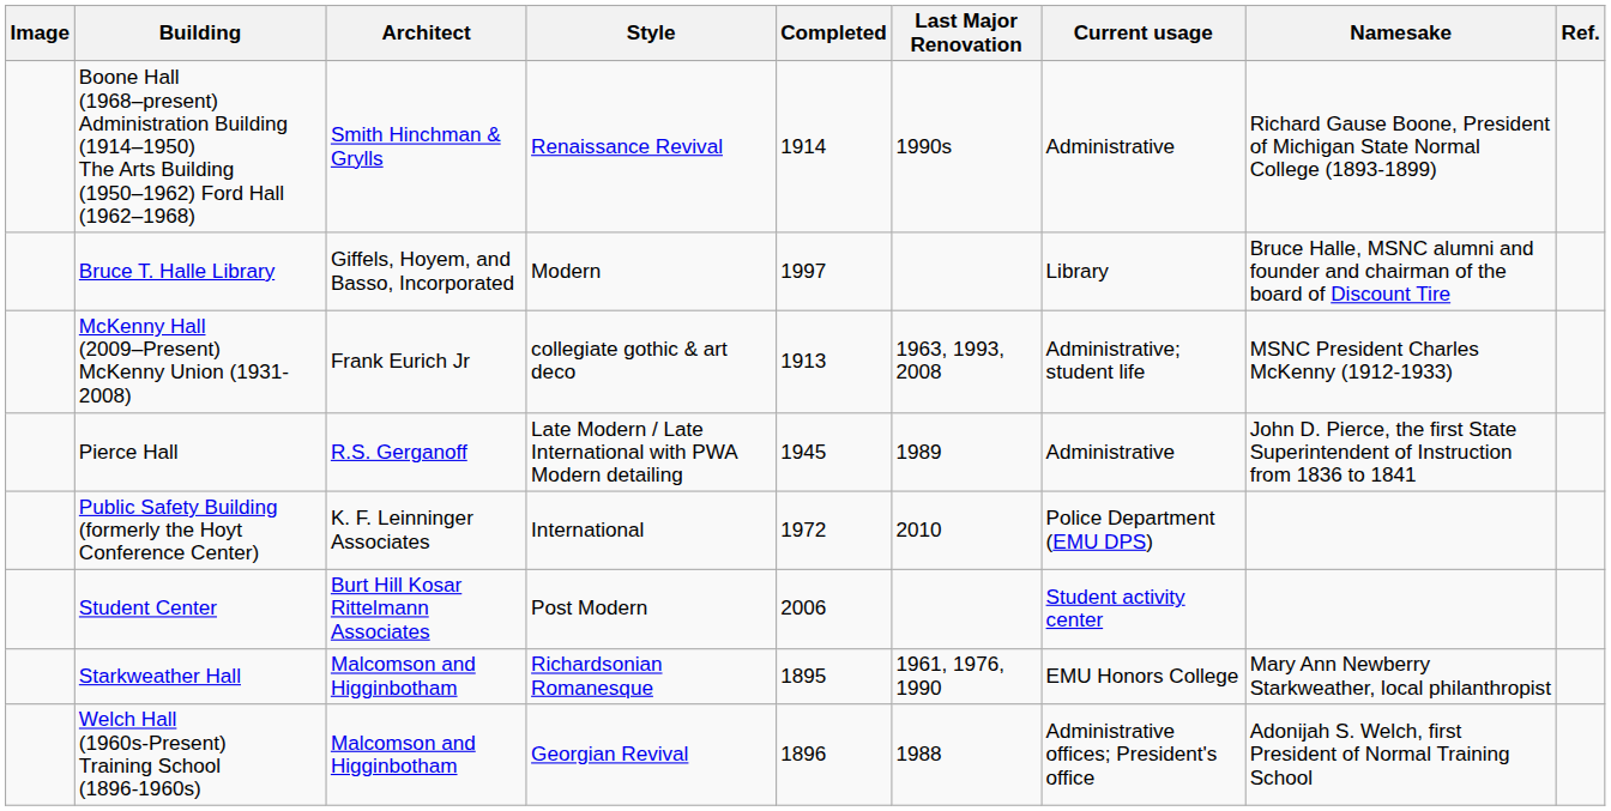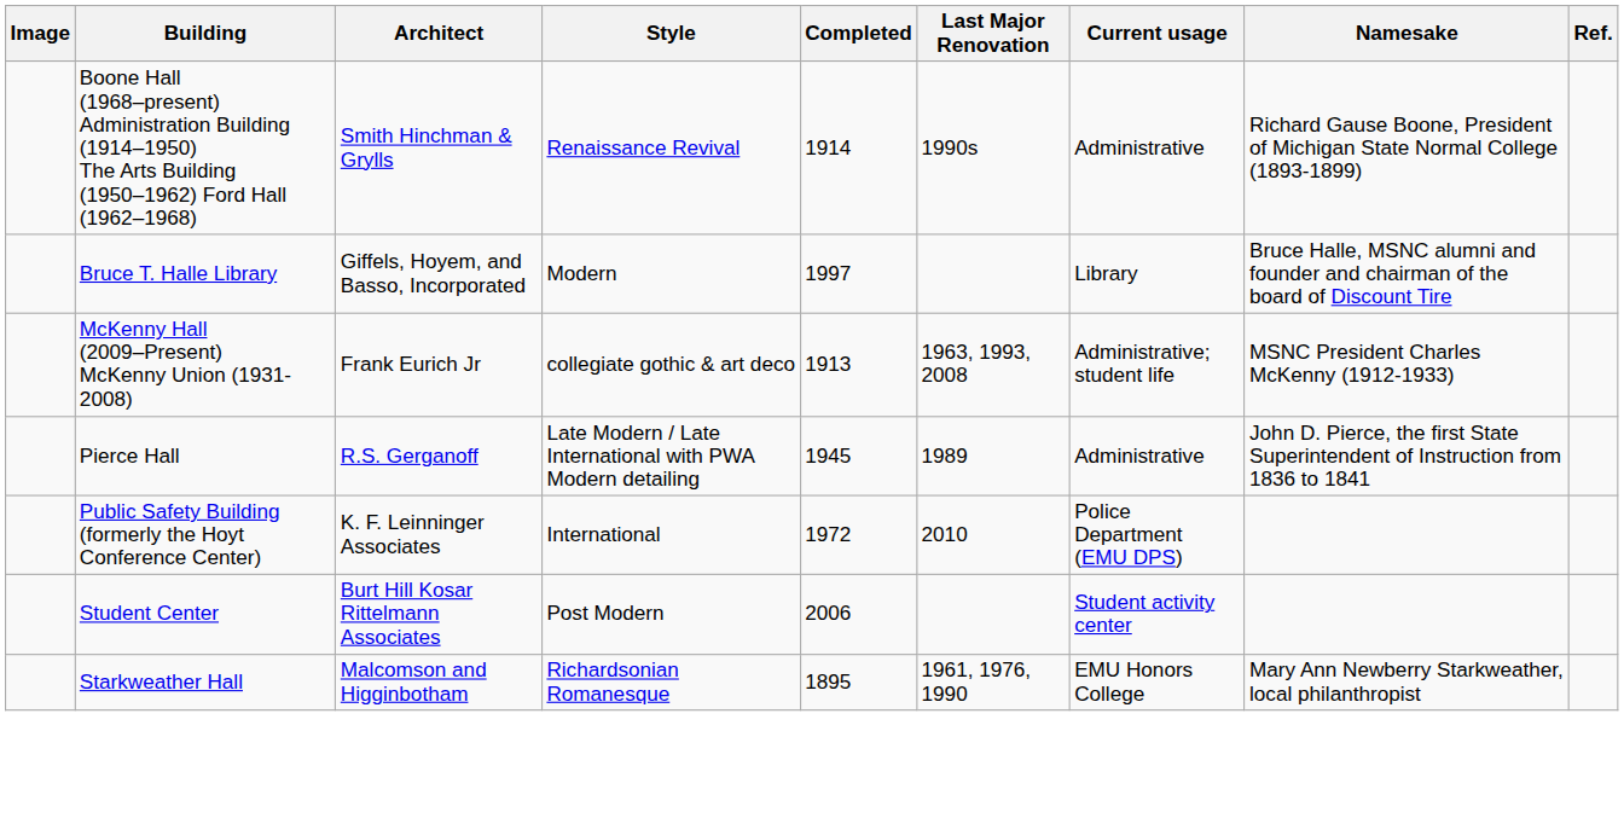 <table class="wikitable sortable">
 <tr>
 <th class="unsortable">Image</th>
 <th>Building</th>
 <th>Architect</th>
 <th>Style</th>
 <th>Completed</th>
 <th>Last Major Renovation</th>
 <th>Current usage</th>
 <th>Namesake</th>
 <th>Ref.</th>
 </tr>
 <tr>
 <td></td>
 <td>Boone Hall <br>(1968–present)<br>Administration Building (1914–1950) <br>The Arts Building <br>(1950–1962) Ford Hall (1962–1968)</td>
 <td><a href='#'>Smith Hinchman & Grylls</a></td>
 <td><a href='#'>Renaissance Revival</a></td>
 <td>1914</td>
 <td>1990s</td>
 <td>Administrative</td>
 <td>Richard Gause Boone, President of Michigan State Normal College (1893-1899)</td>
 <td></td>
 </tr>
 <tr>
 <td></td>
 <td><a href='#'>Bruce T. Halle Library</a></td>
 <td>Giffels, Hoyem, and Basso, Incorporated</td>
 <td>Modern</td>
 <td>1997</td>
 <td></td>
 <td>Library</td>
 <td>Bruce Halle, MSNC alumni and founder and chairman of the board of <a href='#'>Discount Tire</a></td>
 <td></td>
 </tr>
 <tr>
 <td></td>
 <td><a href='#'>McKenny Hall</a> <br>(2009–Present)<br>McKenny Union (1931-2008)</td>
 <td>Frank Eurich Jr</td>
 <td>collegiate gothic & art deco</td>
 <td>1913</td>
 <td>1963, 1993, 2008</td>
 <td>Administrative; student life</td>
 <td>MSNC President Charles McKenny (1912-1933)</td>
 <td></td>
 </tr>
 <tr>
 <td></td>
 <td>Pierce Hall</td>
 <td><a href='#'>R.S. Gerganoff</a></td>
 <td>Late Modern / Late International with PWA Modern detailing</td>
 <td>1945</td>
 <td>1989</td>
 <td>Administrative</td>
 <td>John D. Pierce, the first State Superintendent of Instruction from 1836 to 1841</td>
 <td></td>
 </tr>
 <tr>
 <td></td>
 <td><a href='#'>Public Safety Building</a> (formerly the Hoyt Conference Center)</td>
 <td>K. F. Leinninger Associates</td>
 <td>International</td>
 <td>1972</td>
 <td>2010</td>
 <td>Police Department <br>(<a href='#'>EMU DPS</a>)</td>
 <td></td>
 <td></td>
 </tr>
 <tr>
 <td></td>
 <td><a href='#'>Student Center</a></td>
 <td><a href='#'>Burt Hill Kosar Rittelmann Associates</a></td>
 <td>Post Modern</td>
 <td>2006</td>
 <td></td>
 <td><a href='#'>Student activity center</a></td>
 <td></td>
 <td></td>
 </tr>
 <tr>
 <td></td>
 <td><a href='#'>Starkweather Hall</a></td>
 <td><a href='#'>Malcomson and Higginbotham</a></td>
 <td><a href='#'>Richardsonian Romanesque</a></td>
 <td>1895</td>
 <td>1961, 1976, 1990</td>
 <td>EMU Honors College</td>
 <td>Mary Ann Newberry Starkweather, local philanthropist</td>
 <td></td>
 </tr>
-<tr>
-<td></td>
-<td><a href='#'>Welch Hall</a><br>(1960s-Present)<br> Training School<br> (1896-1960s)</td>
-<td><a href='#'>Malcomson and Higginbotham</a></td>
-<td><a href='#'>Georgian Revival</a></td>
-<td>1896</td>
-<td>1988</td>
-<td>Administrative offices; President's office</td>
-<td>Adonijah S. Welch, first President of Normal Training School</td>
-<td></td>
-</tr>
 </table>
